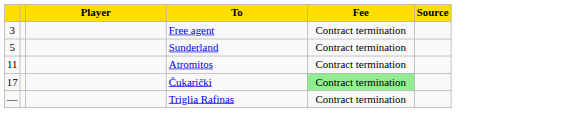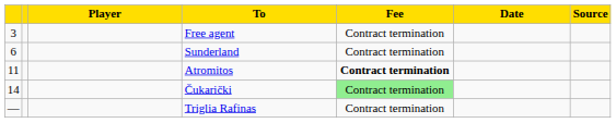 <table class="wikitable sortable">
 <tr>
 <th style="background:#FFDE00"></th>
 <th style="background:#FFDE00"></th>
 <th width=200 style="background:#FFDE00">Player</th>
 <th width=200 style="background:#FFDE00">To</th>
 <th width=150 style="background:#FFDE00">Fee</th>
+<th width=150 style="background:#FFDE00">Date</th>
 <th style="background:#FFDE00">Source</th>
 </tr>
 <tr>
 <td align=center>3</td>
 <td align=center></td>
 <td></td>
 <td><a href='#'>Free agent</a></td>
 <td align=center>Contract termination</td>
 <td align=center></td>
+<td align=center></td>
 </tr>
 <tr>
-<td align=center>5</td>
+<td align=center>6</td>
 <td align=center></td>
 <td></td>
 <td> <a href='#'>Sunderland</a></td>
 <td align=center>Contract termination</td>
+<td align=center></td>
 <td align=center></td>
 </tr>
 <tr>
 <td align=center>11</td>
 <td align=center></td>
 <td></td>
 <td> <a href='#'>Atromitos</a></td>
-<td align=center>Contract termination</td>
+<td align=center><strong>Contract termination</strong></td>
+<td align=center></td>
 <td align=center></td>
 </tr>
 <tr>
-<td align=center>17</td>
+<td align=center>14</td>
 <td align=center></td>
 <td></td>
 <td> <a href='#'>Čukarički</a></td>
 <td align=center style="background: lightgreen;">Contract termination</td>
+<td align=center></td>
 <td align=center></td>
 </tr>
 <tr>
 <td align=center>—</td>
 <td align=center></td>
 <td></td>
 <td> <a href='#'>Triglia Rafinas</a></td>
 <td align=center>Contract termination</td>
 <td align=center></td>
+<td align=center></td>
 </tr>
 </table>
